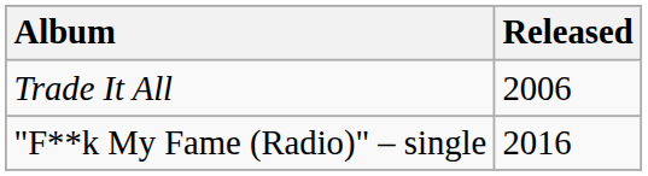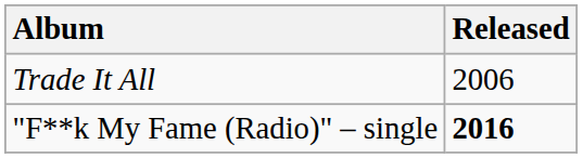 <table class="wikitable">
 <tr>
 <th style="text-align:left; vertical-align:top;">Album</th>
 <th style="text-align:left; vertical-align:top;">Released</th>
 </tr>
 <tr style="text-align:left;">
 <td style="vertical-align:top;"><em>Trade It All</em></td>
 <td>2006</td>
 </tr>
 <tr style="text-align:left;">
 <td style="vertical-align:top;">"F**k My Fame (Radio)" – single</td>
-<td>2016</td>
+<td><strong>2016</strong></td>
 </tr>
 </table>
